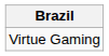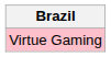 <table class="wikitable" style="display: inline-table; margin-left: 25px;">
 <tr>
 <th>Brazil</th>
 </tr>
 <tr>
-<td>Virtue Gaming</td>
+<td style="background: pink;">Virtue Gaming</td>
 </tr>
 </table>
